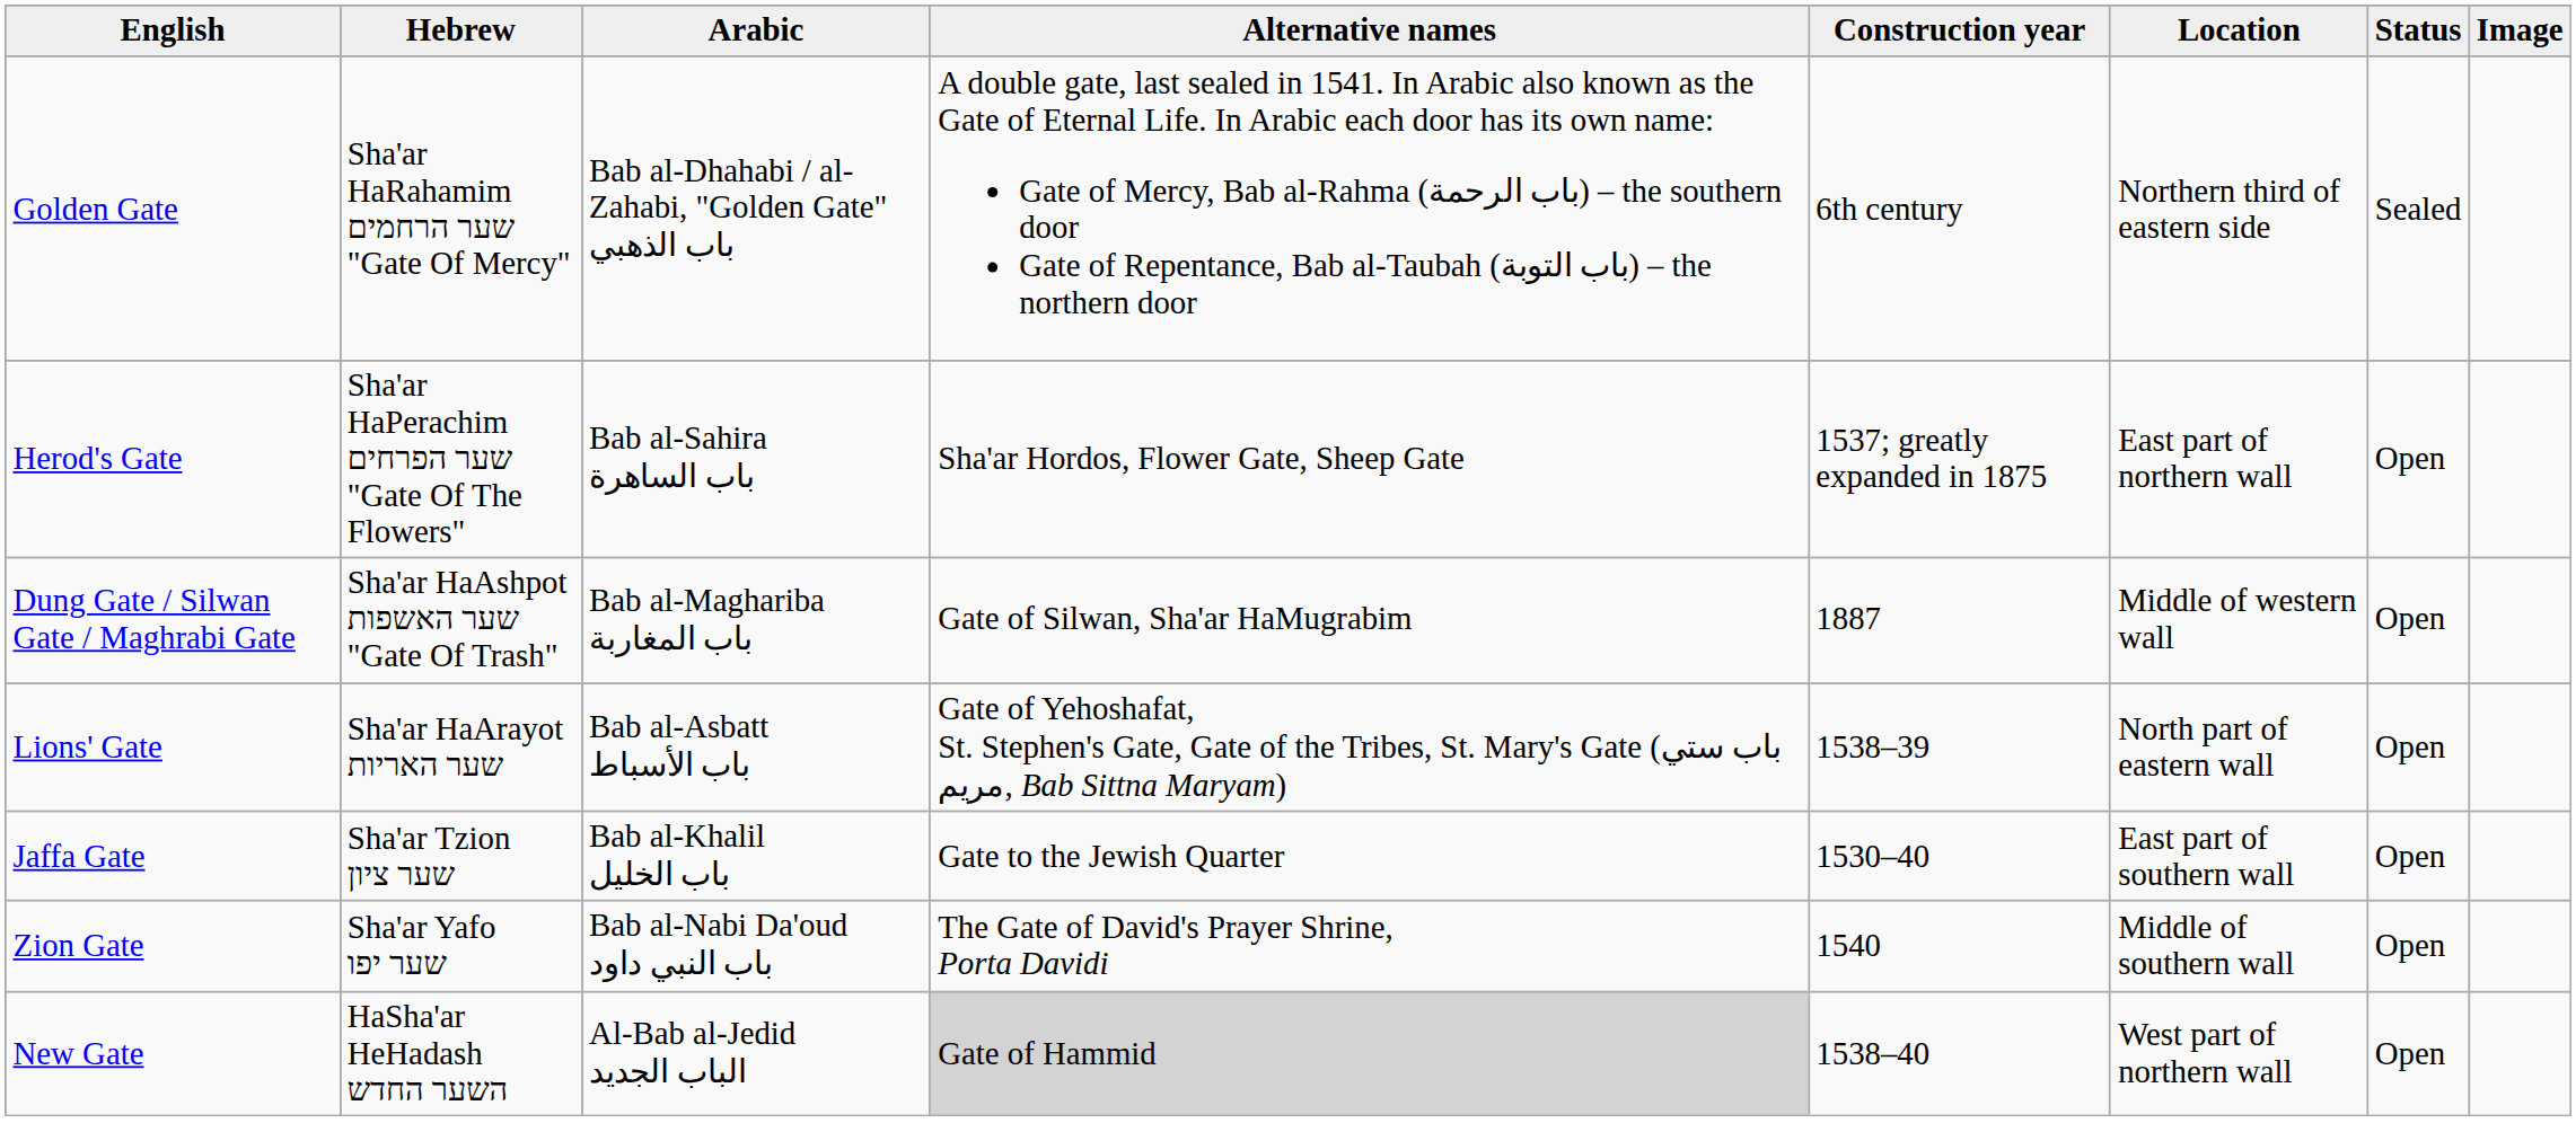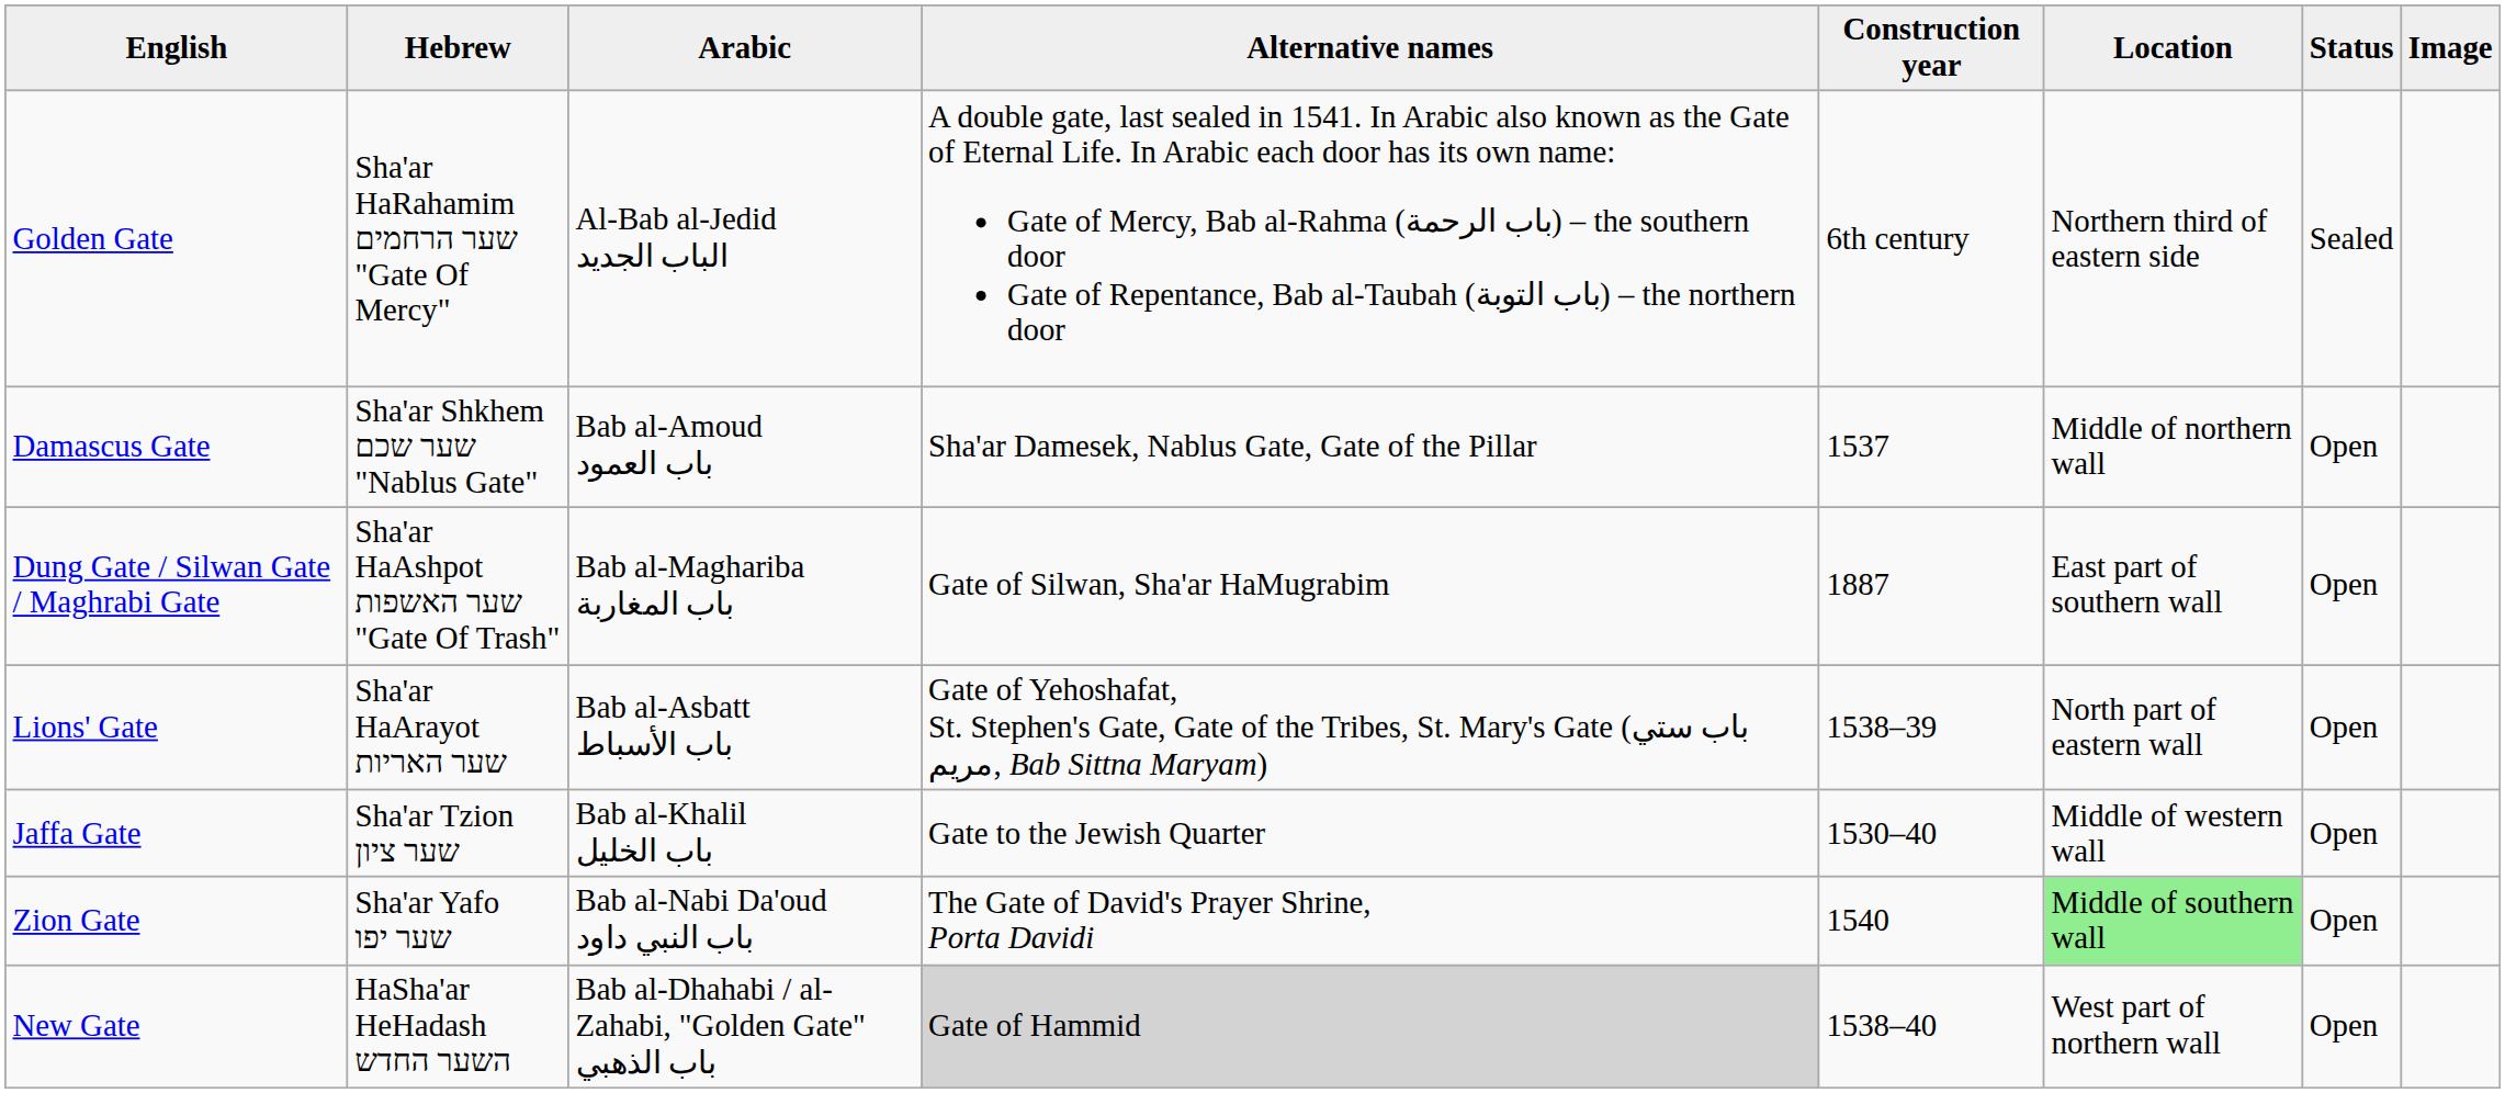 <table class="wikitable" style="margin:auto;">
 <tr>
 <th style="background:#efefef;">English</th>
 <th style="background:#efefef;">Hebrew</th>
 <th style="background:#efefef;">Arabic</th>
 <th style="background:#efefef;">Alternative names</th>
 <th style="background:#efefef;">Construction year</th>
 <th style="background:#efefef;">Location</th>
 <th style="background:#efefef;">Status</th>
 <th style="background:#efefef;">Image</th>
 </tr>
 <tr>
 <td><a href='#'>Golden Gate</a></td>
 <td>Sha'ar HaRahamim<br>שער הרחמים<br>"Gate Of Mercy"</td>
-<td>Bab al-Dhahabi / al-Zahabi, "Golden Gate"<br>باب الذهبي</td>
+<td>Al-Bab al-Jedid<br>الباب الجديد</td>
 <td>A double gate, last sealed in 1541. In Arabic also known as the Gate of Eternal Life. In Arabic each door has its own name:<br><ul><li>Gate of Mercy, Bab al-Rahma (باب الرحمة) – the southern door</li><li>Gate of Repentance, Bab al-Taubah (باب التوبة) – the northern door</li></ul></td>
 <td>6th century</td>
 <td>Northern third of eastern side</td>
 <td>Sealed</td>
 <td></td>
 </tr>
 <tr>
-<td><a href='#'>Herod's Gate</a></td>
-<td>Sha'ar HaPerachim<br>שער הפרחים<br>"Gate Of The Flowers"</td>
-<td>Bab al-Sahira<br>باب الساهرة</td>
-<td>Sha'ar Hordos, Flower Gate, Sheep Gate</td>
-<td>1537; greatly expanded in 1875</td>
-<td>East part of northern wall</td>
+<td><a href='#'>Damascus Gate</a></td>
+<td>Sha'ar Shkhem<br>שער שכם<br>"Nablus Gate"</td>
+<td>Bab al-Amoud<br>باب العمود</td>
+<td>Sha'ar Damesek, Nablus Gate, Gate of the Pillar</td>
+<td>1537</td>
+<td>Middle of northern wall</td>
 <td>Open</td>
 <td></td>
 </tr>
 <tr>
 <td><a href='#'>Dung Gate / Silwan Gate / Maghrabi Gate</a></td>
 <td>Sha'ar HaAshpot<br>שער האשפות<br>"Gate Of Trash"</td>
 <td>Bab al-Maghariba<br>باب المغاربة</td>
 <td>Gate of Silwan, Sha'ar HaMugrabim</td>
 <td>1887</td>
-<td>Middle of western wall</td>
+<td>East part of southern wall</td>
 <td>Open</td>
 <td></td>
 </tr>
 <tr>
 <td><a href='#'>Lions' Gate</a></td>
 <td>Sha'ar HaArayot<br>שער האריות</td>
 <td>Bab al-Asbatt<br>باب الأسباط</td>
 <td>Gate of Yehoshafat,<br>St. Stephen's Gate, Gate of the Tribes, St. Mary's Gate (باب ستي مريم, <em>Bab Sittna Maryam</em>)</td>
 <td>1538–39</td>
 <td>North part of eastern wall</td>
 <td>Open</td>
 <td></td>
 </tr>
 <tr>
 <td><a href='#'>Jaffa Gate</a></td>
 <td>Sha'ar Tzion<br>שער ציון</td>
 <td>Bab al-Khalil<br>باب الخليل</td>
 <td>Gate to the Jewish Quarter</td>
 <td>1530–40</td>
-<td>East part of southern wall</td>
+<td>Middle of western wall</td>
 <td>Open</td>
 <td></td>
 </tr>
 <tr>
 <td><a href='#'>Zion Gate</a></td>
 <td>Sha'ar Yafo<br>שער יפו</td>
 <td>Bab al-Nabi Da'oud<br>باب النبي داود</td>
 <td>The Gate of David's Prayer Shrine,<br><em>Porta Davidi</em></td>
 <td>1540</td>
-<td>Middle of southern wall</td>
+<td style="background: lightgreen;">Middle of southern wall</td>
 <td>Open</td>
 <td></td>
 </tr>
 <tr>
 <td><a href='#'>New Gate</a></td>
 <td>HaSha'ar HeHadash<br>השער החדש</td>
-<td>Al-Bab al-Jedid<br>الباب الجديد</td>
+<td>Bab al-Dhahabi / al-Zahabi, "Golden Gate"<br>باب الذهبي</td>
 <td style="background: lightgrey;">Gate of Hammid</td>
 <td>1538–40</td>
 <td>West part of northern wall</td>
 <td>Open</td>
 <td></td>
 </tr>
 </table>
